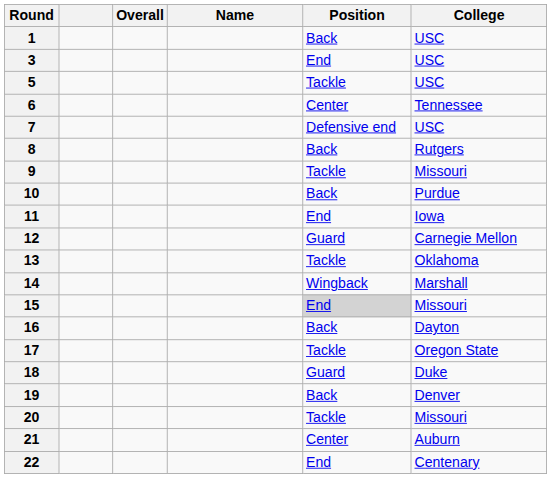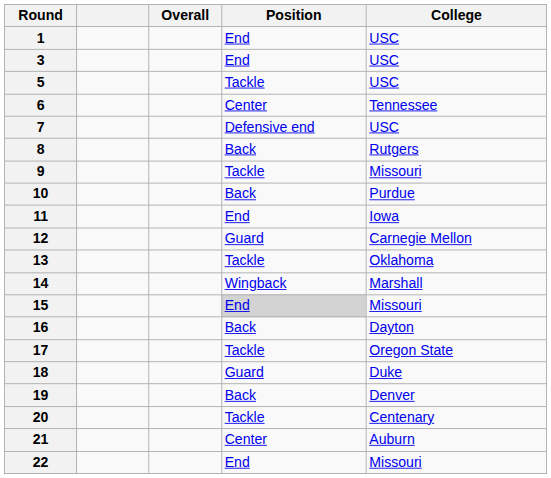 <table class="wikitable sortable">
 <tr>
 <th scope="col" style="width: 10%;">Round</th>
 <th scope="col" style="width: 10%;"></th>
 <th scope="col" style="width: 10%;">Overall</th>
-<th scope="col" style="width: 25%;">Name</th>
 <th scope="col" style="width: 20%;">Position</th>
 <th scope="col" style="width: 25%;">College</th>
 </tr>
 <tr>
 <th scope="row">1</th>
 <td></td>
 <td></td>
-<td></td>
-<td><a href='#'>Back</a></td>
+<td><a href='#'>End</a></td>
 <td><a href='#'>USC</a></td>
 </tr>
 <tr>
 <th scope="row">3</th>
-<td></td>
 <td></td>
 <td></td>
 <td><a href='#'>End</a></td>
 <td><a href='#'>USC</a></td>
 </tr>
 <tr>
 <th scope="row">5</th>
 <td></td>
 <td></td>
-<td></td>
 <td><a href='#'>Tackle</a></td>
 <td><a href='#'>USC</a></td>
 </tr>
 <tr>
 <th scope="row">6</th>
-<td></td>
 <td></td>
 <td></td>
 <td><a href='#'>Center</a></td>
 <td><a href='#'>Tennessee</a></td>
 </tr>
 <tr>
 <th scope="row">7</th>
 <td></td>
 <td></td>
-<td></td>
 <td><a href='#'>Defensive end</a></td>
 <td><a href='#'>USC</a></td>
 </tr>
 <tr>
 <th scope="row">8</th>
-<td></td>
 <td></td>
 <td></td>
 <td><a href='#'>Back</a></td>
 <td><a href='#'>Rutgers</a></td>
 </tr>
 <tr>
 <th scope="row">9</th>
 <td></td>
 <td></td>
-<td></td>
 <td><a href='#'>Tackle</a></td>
 <td><a href='#'>Missouri</a></td>
 </tr>
 <tr>
 <th scope="row">10</th>
-<td></td>
 <td></td>
 <td></td>
 <td><a href='#'>Back</a></td>
 <td><a href='#'>Purdue</a></td>
 </tr>
 <tr>
 <th scope="row">11</th>
 <td></td>
 <td></td>
-<td></td>
 <td><a href='#'>End</a></td>
 <td><a href='#'>Iowa</a></td>
 </tr>
 <tr>
 <th scope="row">12</th>
-<td></td>
 <td></td>
 <td></td>
 <td><a href='#'>Guard</a></td>
 <td><a href='#'>Carnegie Mellon</a></td>
 </tr>
 <tr>
 <th scope="row">13</th>
 <td></td>
 <td></td>
-<td></td>
 <td><a href='#'>Tackle</a></td>
 <td><a href='#'>Oklahoma</a></td>
 </tr>
 <tr>
 <th scope="row">14</th>
-<td></td>
 <td></td>
 <td></td>
 <td><a href='#'>Wingback</a></td>
 <td><a href='#'>Marshall</a></td>
 </tr>
 <tr>
 <th scope="row">15</th>
 <td></td>
 <td></td>
-<td></td>
 <td style="background: lightgrey;"><a href='#'>End</a></td>
 <td><a href='#'>Missouri</a></td>
 </tr>
 <tr>
 <th scope="row">16</th>
-<td></td>
 <td></td>
 <td></td>
 <td><a href='#'>Back</a></td>
 <td><a href='#'>Dayton</a></td>
 </tr>
 <tr>
 <th scope="row">17</th>
 <td></td>
 <td></td>
-<td></td>
 <td><a href='#'>Tackle</a></td>
 <td><a href='#'>Oregon State</a></td>
 </tr>
 <tr>
 <th scope="row">18</th>
-<td></td>
 <td></td>
 <td></td>
 <td><a href='#'>Guard</a></td>
 <td><a href='#'>Duke</a></td>
 </tr>
 <tr>
 <th scope="row">19</th>
 <td></td>
 <td></td>
-<td></td>
 <td><a href='#'>Back</a></td>
 <td><a href='#'>Denver</a></td>
 </tr>
 <tr>
 <th scope="row">20</th>
 <td></td>
 <td></td>
-<td></td>
 <td><a href='#'>Tackle</a></td>
-<td><a href='#'>Missouri</a></td>
+<td><a href='#'>Centenary</a></td>
 </tr>
 <tr>
 <th scope="row">21</th>
-<td></td>
 <td></td>
 <td></td>
 <td><a href='#'>Center</a></td>
 <td><a href='#'>Auburn</a></td>
 </tr>
 <tr>
 <th scope="row">22</th>
 <td></td>
 <td></td>
-<td></td>
 <td><a href='#'>End</a></td>
-<td><a href='#'>Centenary</a></td>
+<td><a href='#'>Missouri</a></td>
 </tr>
 </table>
